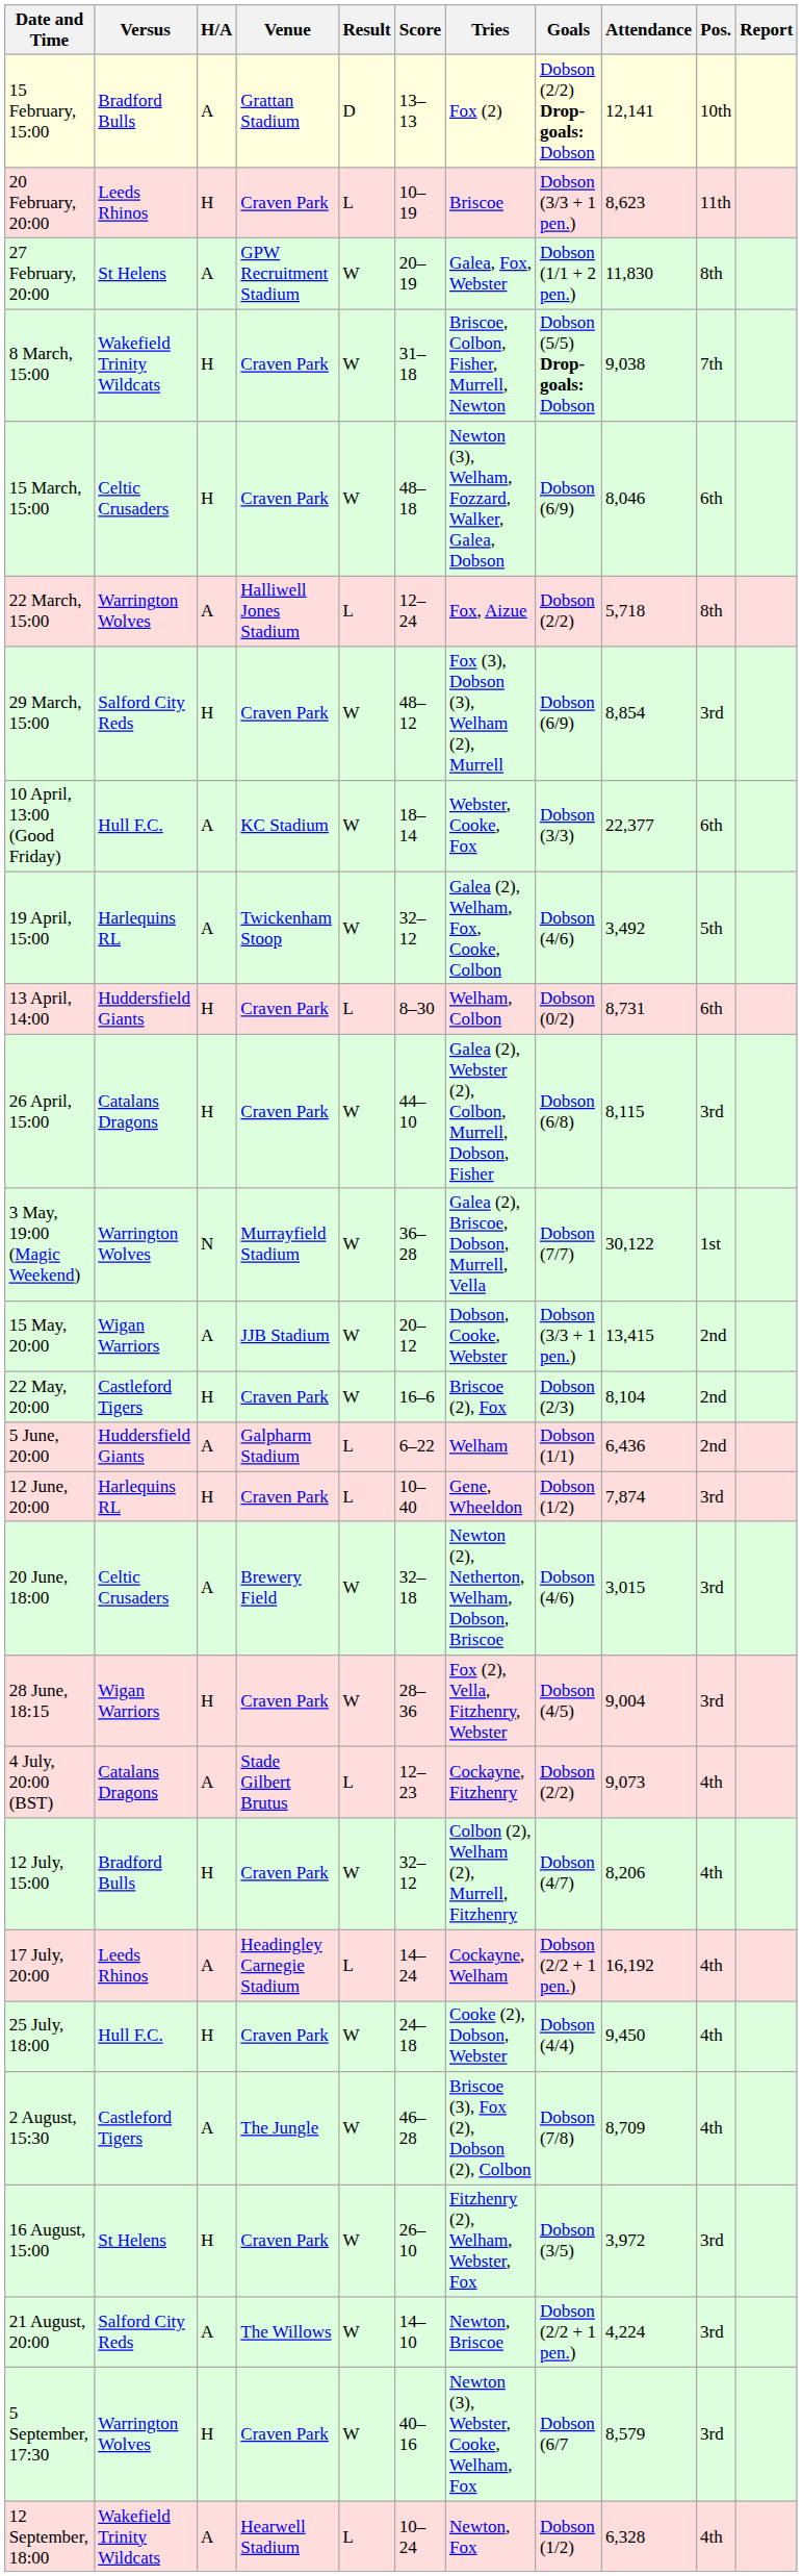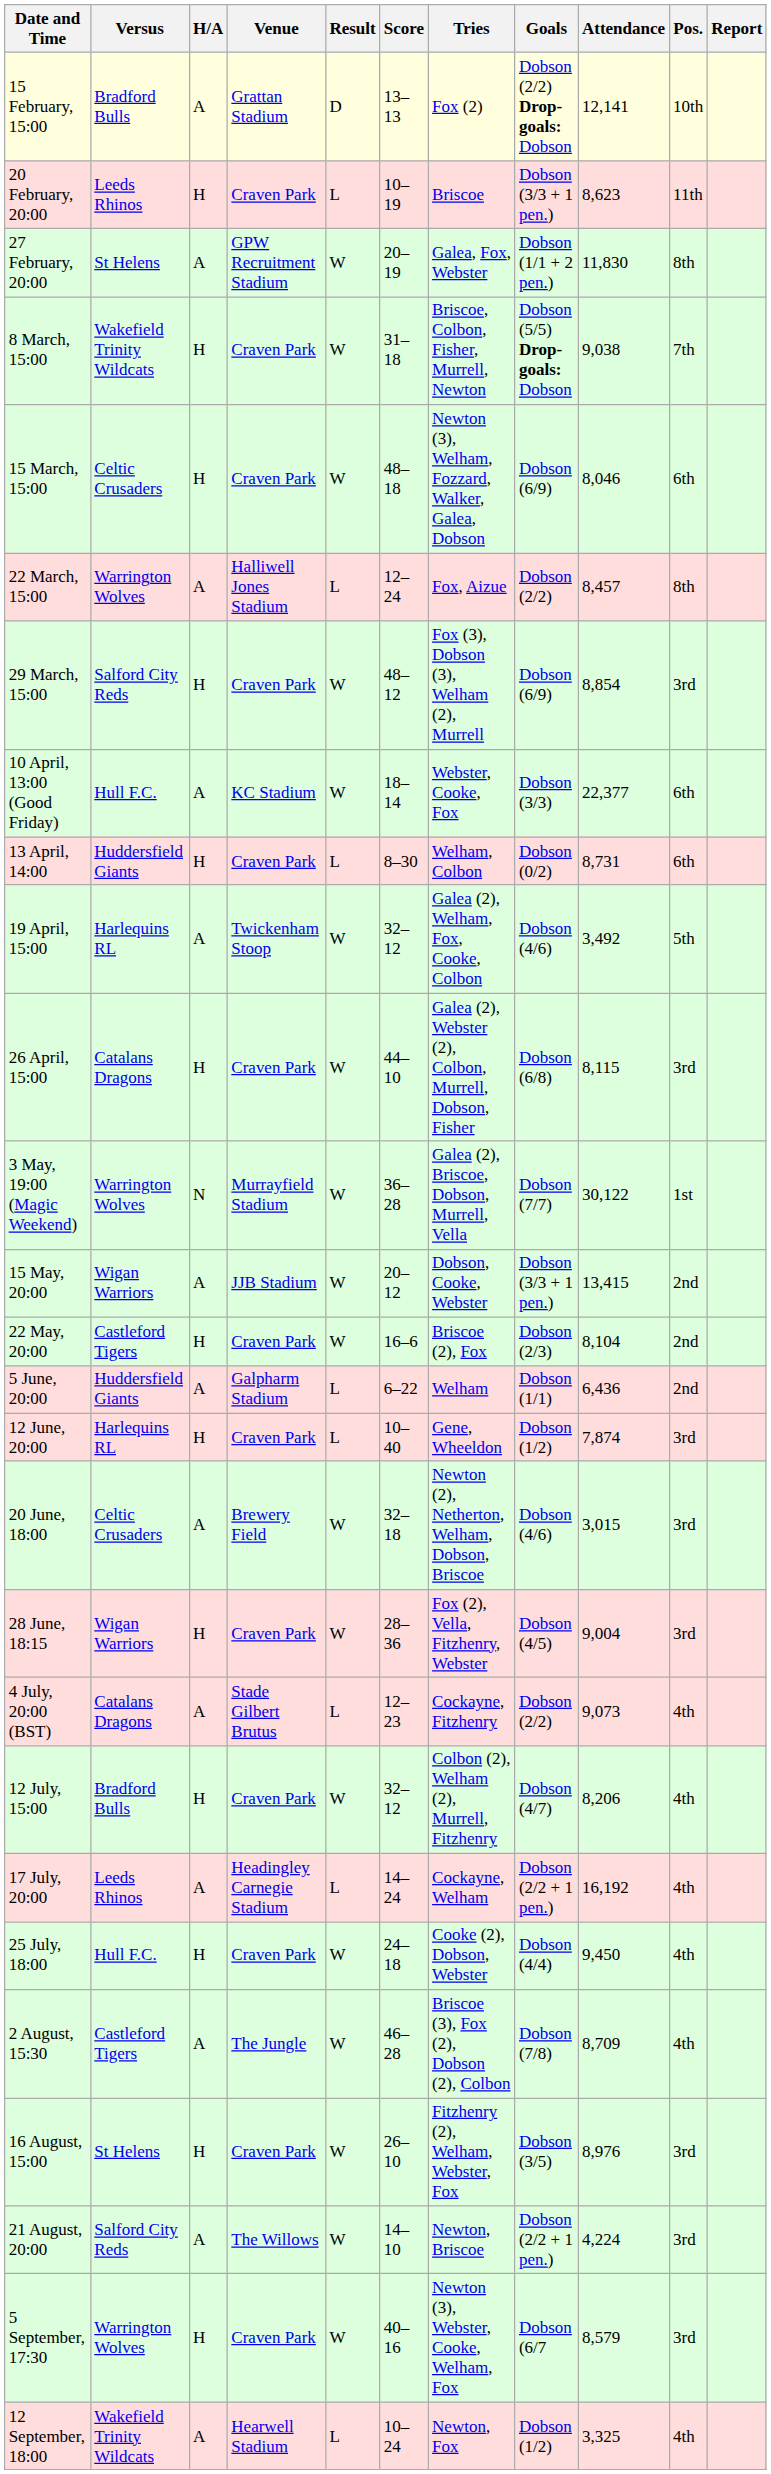 <table class="wikitable" style="font-size:85%;">
 <tr>
 <th>Date and Time</th>
 <th>Versus</th>
 <th>H/A</th>
 <th>Venue</th>
 <th>Result</th>
 <th>Score</th>
 <th>Tries</th>
 <th>Goals</th>
 <th>Attendance</th>
 <th>Pos.</th>
 <th>Report</th>
 </tr>
 <tr style="background:#ffffdd">
 <td>15 February, 15:00</td>
 <td> <a href='#'>Bradford Bulls</a></td>
 <td>A</td>
 <td><a href='#'>Grattan Stadium</a></td>
 <td>D</td>
 <td>13–13</td>
 <td><a href='#'>Fox</a> (2)</td>
 <td><a href='#'>Dobson</a> (2/2)<br><strong>Drop-goals:</strong> <a href='#'>Dobson</a></td>
 <td>12,141</td>
 <td>10th</td>
 <td></td>
 </tr>
 <tr style="background:#ffdddd">
 <td>20 February, 20:00</td>
 <td> <a href='#'>Leeds Rhinos</a></td>
 <td>H</td>
 <td><a href='#'>Craven Park</a></td>
 <td>L</td>
 <td>10–19</td>
 <td><a href='#'>Briscoe</a></td>
 <td><a href='#'>Dobson</a> (3/3 + 1 <a href='#'>pen.</a>)</td>
 <td>8,623</td>
 <td>11th</td>
 <td></td>
 </tr>
 <tr style="background:#ddffdd">
 <td>27 February, 20:00</td>
 <td> <a href='#'>St Helens</a></td>
 <td>A</td>
 <td><a href='#'>GPW Recruitment Stadium</a></td>
 <td>W</td>
 <td>20–19</td>
 <td><a href='#'>Galea</a>, <a href='#'>Fox</a>, <a href='#'>Webster</a></td>
 <td><a href='#'>Dobson</a> (1/1 + 2 <a href='#'>pen.</a>)</td>
 <td>11,830</td>
 <td>8th</td>
 <td></td>
 </tr>
 <tr style="background:#ddffdd">
 <td>8 March, 15:00</td>
 <td> <a href='#'>Wakefield Trinity Wildcats</a></td>
 <td>H</td>
 <td><a href='#'>Craven Park</a></td>
 <td>W</td>
 <td>31–18</td>
 <td><a href='#'>Briscoe</a>, <a href='#'>Colbon</a>, <a href='#'>Fisher</a>, <a href='#'>Murrell</a>, <a href='#'>Newton</a></td>
 <td><a href='#'>Dobson</a> (5/5)<br><strong>Drop-goals:</strong> <a href='#'>Dobson</a></td>
 <td>9,038</td>
 <td>7th</td>
 <td></td>
 </tr>
 <tr style="background:#ddffdd">
 <td>15 March, 15:00</td>
 <td> <a href='#'>Celtic Crusaders</a></td>
 <td>H</td>
 <td><a href='#'>Craven Park</a></td>
 <td>W</td>
 <td>48–18</td>
 <td><a href='#'>Newton</a> (3), <a href='#'>Welham</a>, <a href='#'>Fozzard</a>, <a href='#'>Walker</a>, <a href='#'>Galea</a>, <a href='#'>Dobson</a></td>
 <td><a href='#'>Dobson</a> (6/9)</td>
 <td>8,046</td>
 <td>6th</td>
 <td></td>
 </tr>
 <tr style="background:#ffdddd">
 <td>22 March, 15:00</td>
 <td> <a href='#'>Warrington Wolves</a></td>
 <td>A</td>
 <td><a href='#'>Halliwell Jones Stadium</a></td>
 <td>L</td>
 <td>12–24</td>
 <td><a href='#'>Fox</a>, <a href='#'>Aizue</a></td>
 <td><a href='#'>Dobson</a> (2/2)</td>
-<td>5,718</td>
+<td>8,457</td>
 <td>8th</td>
 <td></td>
 </tr>
 <tr style="background:#ddffdd">
 <td>29 March, 15:00</td>
 <td> <a href='#'>Salford City Reds</a></td>
 <td>H</td>
 <td><a href='#'>Craven Park</a></td>
 <td>W</td>
 <td>48–12</td>
 <td><a href='#'>Fox</a> (3), <a href='#'>Dobson</a> (3), <a href='#'>Welham</a> (2), <a href='#'>Murrell</a></td>
 <td><a href='#'>Dobson</a> (6/9)</td>
 <td>8,854</td>
 <td>3rd</td>
 <td></td>
 </tr>
 <tr style="background:#ddffdd">
 <td>10 April, 13:00<br>(Good Friday)</td>
 <td> <a href='#'>Hull F.C.</a></td>
 <td>A</td>
 <td><a href='#'>KC Stadium</a></td>
 <td>W</td>
 <td>18–14</td>
 <td><a href='#'>Webster</a>, <a href='#'>Cooke</a>, <a href='#'>Fox</a></td>
 <td><a href='#'>Dobson</a> (3/3)</td>
 <td>22,377</td>
 <td>6th</td>
 <td></td>
 </tr>
+<tr style="background:#ffdddd">
+<td>13 April, 14:00</td>
+<td> <a href='#'>Huddersfield Giants</a></td>
+<td>H</td>
+<td><a href='#'>Craven Park</a></td>
+<td>L</td>
+<td>8–30</td>
+<td><a href='#'>Welham</a>, <a href='#'>Colbon</a></td>
+<td><a href='#'>Dobson</a> (0/2)</td>
+<td>8,731</td>
+<td>6th</td>
+<td></td>
+</tr>
 <tr style="background:#ddffdd">
 <td>19 April, 15:00</td>
 <td> <a href='#'>Harlequins RL</a></td>
 <td>A</td>
 <td><a href='#'>Twickenham Stoop</a></td>
 <td>W</td>
 <td>32–12</td>
 <td><a href='#'>Galea</a> (2), <a href='#'>Welham</a>, <a href='#'>Fox</a>, <a href='#'>Cooke</a>, <a href='#'>Colbon</a></td>
 <td><a href='#'>Dobson</a> (4/6)</td>
 <td>3,492</td>
 <td>5th</td>
-<td></td>
-</tr>
-<tr style="background:#ffdddd">
-<td>13 April, 14:00</td>
-<td> <a href='#'>Huddersfield Giants</a></td>
-<td>H</td>
-<td><a href='#'>Craven Park</a></td>
-<td>L</td>
-<td>8–30</td>
-<td><a href='#'>Welham</a>, <a href='#'>Colbon</a></td>
-<td><a href='#'>Dobson</a> (0/2)</td>
-<td>8,731</td>
-<td>6th</td>
 <td></td>
 </tr>
 <tr style="background:#ddffdd">
 <td>26 April, 15:00</td>
 <td> <a href='#'>Catalans Dragons</a></td>
 <td>H</td>
 <td><a href='#'>Craven Park</a></td>
 <td>W</td>
 <td>44–10</td>
 <td><a href='#'>Galea</a> (2), <a href='#'>Webster</a> (2), <a href='#'>Colbon</a>, <a href='#'>Murrell</a>, <a href='#'>Dobson</a>, <a href='#'>Fisher</a></td>
 <td><a href='#'>Dobson</a> (6/8)</td>
 <td>8,115</td>
 <td>3rd</td>
 <td></td>
 </tr>
 <tr style="background:#ddffdd">
 <td>3 May, 19:00<br>(<a href='#'>Magic Weekend</a>)</td>
 <td> <a href='#'>Warrington Wolves</a></td>
 <td>N</td>
 <td><a href='#'>Murrayfield Stadium</a></td>
 <td>W</td>
 <td>36–28</td>
 <td><a href='#'>Galea</a> (2), <a href='#'>Briscoe</a>, <a href='#'>Dobson</a>, <a href='#'>Murrell</a>, <a href='#'>Vella</a></td>
 <td><a href='#'>Dobson</a> (7/7)</td>
 <td>30,122</td>
 <td>1st</td>
 <td></td>
 </tr>
 <tr style="background:#ddffdd">
 <td>15 May, 20:00</td>
 <td> <a href='#'>Wigan Warriors</a></td>
 <td>A</td>
 <td><a href='#'>JJB Stadium</a></td>
 <td>W</td>
 <td>20–12</td>
 <td><a href='#'>Dobson</a>, <a href='#'>Cooke</a>, <a href='#'>Webster</a></td>
 <td><a href='#'>Dobson</a> (3/3 + 1 <a href='#'>pen.</a>)</td>
 <td>13,415</td>
 <td>2nd</td>
 <td></td>
 </tr>
 <tr style="background:#ddffdd">
 <td>22 May, 20:00</td>
 <td> <a href='#'>Castleford Tigers</a></td>
 <td>H</td>
 <td><a href='#'>Craven Park</a></td>
 <td>W</td>
 <td>16–6</td>
 <td><a href='#'>Briscoe</a> (2), <a href='#'>Fox</a></td>
 <td><a href='#'>Dobson</a> (2/3)</td>
 <td>8,104</td>
 <td>2nd</td>
 <td></td>
 </tr>
 <tr style="background:#ffdddd">
 <td>5 June, 20:00</td>
 <td> <a href='#'>Huddersfield Giants</a></td>
 <td>A</td>
 <td><a href='#'>Galpharm Stadium</a></td>
 <td>L</td>
 <td>6–22</td>
 <td><a href='#'>Welham</a></td>
 <td><a href='#'>Dobson</a> (1/1)</td>
 <td>6,436</td>
 <td>2nd</td>
 <td></td>
 </tr>
 <tr style="background:#ffdddd">
 <td>12 June, 20:00</td>
 <td> <a href='#'>Harlequins RL</a></td>
 <td>H</td>
 <td><a href='#'>Craven Park</a></td>
 <td>L</td>
 <td>10–40</td>
 <td><a href='#'>Gene</a>, <a href='#'>Wheeldon</a></td>
 <td><a href='#'>Dobson</a> (1/2)</td>
 <td>7,874</td>
 <td>3rd</td>
 <td></td>
 </tr>
 <tr style="background:#ddffdd">
 <td>20 June, 18:00</td>
 <td> <a href='#'>Celtic Crusaders</a></td>
 <td>A</td>
 <td><a href='#'>Brewery Field</a></td>
 <td>W</td>
 <td>32–18</td>
 <td><a href='#'>Newton</a> (2), <a href='#'>Netherton</a>, <a href='#'>Welham</a>, <a href='#'>Dobson</a>, <a href='#'>Briscoe</a></td>
 <td><a href='#'>Dobson</a> (4/6)</td>
 <td>3,015</td>
 <td>3rd</td>
 <td></td>
 </tr>
 <tr style="background:#ffdddd">
 <td>28 June, 18:15</td>
 <td> <a href='#'>Wigan Warriors</a></td>
 <td>H</td>
 <td><a href='#'>Craven Park</a></td>
 <td>W</td>
 <td>28–36</td>
 <td><a href='#'>Fox</a> (2), <a href='#'>Vella</a>, <a href='#'>Fitzhenry</a>, <a href='#'>Webster</a></td>
 <td><a href='#'>Dobson</a> (4/5)</td>
 <td>9,004</td>
 <td>3rd</td>
 <td></td>
 </tr>
 <tr style="background:#ffdddd">
 <td>4 July, 20:00 (BST)</td>
 <td> <a href='#'>Catalans Dragons</a></td>
 <td>A</td>
 <td><a href='#'>Stade Gilbert Brutus</a></td>
 <td>L</td>
 <td>12–23</td>
 <td><a href='#'>Cockayne</a>, <a href='#'>Fitzhenry</a></td>
 <td><a href='#'>Dobson</a> (2/2)</td>
 <td>9,073</td>
 <td>4th</td>
 <td></td>
 </tr>
 <tr style="background:#ddffdd">
 <td>12 July, 15:00</td>
 <td> <a href='#'>Bradford Bulls</a></td>
 <td>H</td>
 <td><a href='#'>Craven Park</a></td>
 <td>W</td>
 <td>32–12</td>
 <td><a href='#'>Colbon</a> (2), <a href='#'>Welham</a> (2), <a href='#'>Murrell</a>, <a href='#'>Fitzhenry</a></td>
 <td><a href='#'>Dobson</a> (4/7)</td>
 <td>8,206</td>
 <td>4th</td>
 <td></td>
 </tr>
 <tr style="background:#ffdddd">
 <td>17 July, 20:00</td>
 <td> <a href='#'>Leeds Rhinos</a></td>
 <td>A</td>
 <td><a href='#'>Headingley Carnegie Stadium</a></td>
 <td>L</td>
 <td>14–24</td>
 <td><a href='#'>Cockayne</a>, <a href='#'>Welham</a></td>
 <td><a href='#'>Dobson</a> (2/2 + 1 <a href='#'>pen.</a>)</td>
 <td>16,192</td>
 <td>4th</td>
 <td></td>
 </tr>
 <tr style="background:#ddffdd">
 <td>25 July, 18:00</td>
 <td> <a href='#'>Hull F.C.</a></td>
 <td>H</td>
 <td><a href='#'>Craven Park</a></td>
 <td>W</td>
 <td>24–18</td>
 <td><a href='#'>Cooke</a> (2), <a href='#'>Dobson</a>, <a href='#'>Webster</a></td>
 <td><a href='#'>Dobson</a> (4/4)</td>
 <td>9,450</td>
 <td>4th</td>
 <td></td>
 </tr>
 <tr style="background:#ddffdd">
 <td>2 August, 15:30</td>
 <td> <a href='#'>Castleford Tigers</a></td>
 <td>A</td>
 <td><a href='#'>The Jungle</a></td>
 <td>W</td>
 <td>46–28</td>
 <td><a href='#'>Briscoe</a> (3), <a href='#'>Fox</a> (2), <a href='#'>Dobson</a> (2), <a href='#'>Colbon</a></td>
 <td><a href='#'>Dobson</a> (7/8)</td>
 <td>8,709</td>
 <td>4th</td>
 <td></td>
 </tr>
 <tr style="background:#ddffdd">
 <td>16 August, 15:00</td>
 <td> <a href='#'>St Helens</a></td>
 <td>H</td>
 <td><a href='#'>Craven Park</a></td>
 <td>W</td>
 <td>26–10</td>
 <td><a href='#'>Fitzhenry</a> (2), <a href='#'>Welham</a>, <a href='#'>Webster</a>, <a href='#'>Fox</a></td>
 <td><a href='#'>Dobson</a> (3/5)</td>
-<td>3,972</td>
+<td>8,976</td>
 <td>3rd</td>
 <td></td>
 </tr>
 <tr style="background:#ddffdd">
 <td>21 August, 20:00</td>
 <td> <a href='#'>Salford City Reds</a></td>
 <td>A</td>
 <td><a href='#'>The Willows</a></td>
 <td>W</td>
 <td>14–10</td>
 <td><a href='#'>Newton</a>, <a href='#'>Briscoe</a></td>
 <td><a href='#'>Dobson</a> (2/2 + 1 <a href='#'>pen.</a>)</td>
 <td>4,224</td>
 <td>3rd</td>
 <td></td>
 </tr>
 <tr style="background:#ddffdd">
 <td>5 September, 17:30</td>
 <td> <a href='#'>Warrington Wolves</a></td>
 <td>H</td>
 <td><a href='#'>Craven Park</a></td>
 <td>W</td>
 <td>40–16</td>
 <td><a href='#'>Newton</a> (3), <a href='#'>Webster</a>, <a href='#'>Cooke</a>, <a href='#'>Welham</a>, <a href='#'>Fox</a></td>
 <td><a href='#'>Dobson</a> (6/7</td>
 <td>8,579</td>
 <td>3rd</td>
 <td></td>
 </tr>
 <tr style="background:#ffdddd">
 <td>12 September, 18:00</td>
 <td> <a href='#'>Wakefield Trinity Wildcats</a></td>
 <td>A</td>
 <td><a href='#'>Hearwell Stadium</a></td>
 <td>L</td>
 <td>10–24</td>
 <td><a href='#'>Newton</a>, <a href='#'>Fox</a></td>
 <td><a href='#'>Dobson</a> (1/2)</td>
-<td>6,328</td>
+<td>3,325</td>
 <td>4th</td>
 <td></td>
 </tr>
 </table>
